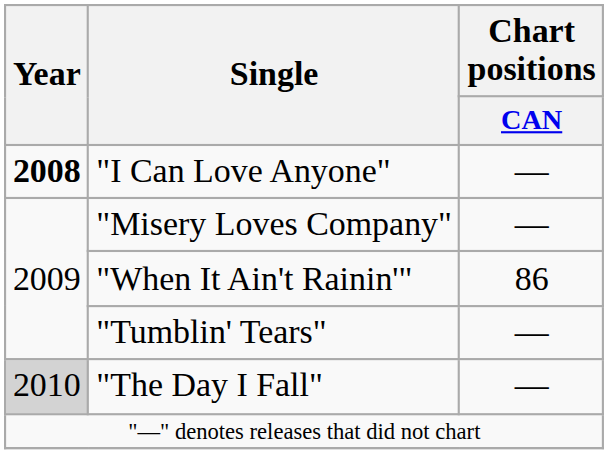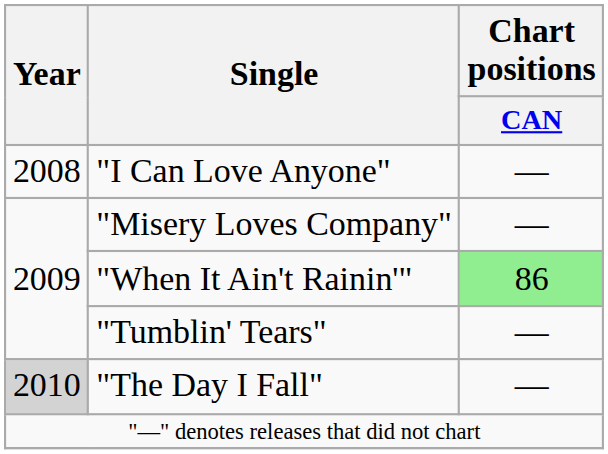 <table class="wikitable" style="text-align:center;">
 <tr>
 <th rowspan="2">Year</th>
 <th rowspan="2">Single</th>
 <th colspan="1">Chart positions</th>
 </tr>
 <tr style="font-size:smaller;">
 <th width="60"><a href='#'>CAN</a></th>
 </tr>
 <tr>
-<td><strong>2008</strong></td>
+<td>2008</td>
 <td align="left">"I Can Love Anyone"</td>
 <td>—</td>
 </tr>
 <tr>
 <td rowspan="3">2009</td>
 <td align="left">"Misery Loves Company"</td>
 <td>—</td>
 </tr>
 <tr>
 <td align="left">"When It Ain't Rainin'"</td>
-<td>86</td>
+<td style="background: lightgreen;">86</td>
 </tr>
 <tr>
 <td align="left">"Tumblin' Tears"</td>
 <td>—</td>
 </tr>
 <tr>
 <td style="background: lightgrey;">2010</td>
 <td align="left">"The Day I Fall"</td>
 <td>—</td>
 </tr>
 <tr>
 <td colspan="3" style="font-size:8pt">"—" denotes releases that did not chart</td>
 </tr>
 <tr>
 </tr>
 </table>
